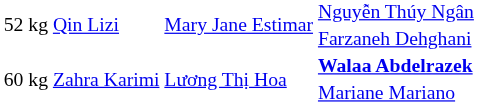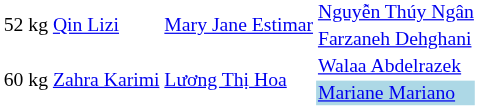 <table>
 <tr>
 <td rowspan=2>52 kg <br></td>
 <td rowspan=2><a href='#'>Qin Lizi</a><br></td>
 <td rowspan=2><a href='#'>Mary Jane Estimar</a><br></td>
 <td><a href='#'>Nguyễn Thúy Ngân</a><br></td>
 </tr>
 <tr>
 <td><a href='#'>Farzaneh Dehghani</a><br></td>
 </tr>
 <tr>
 <td rowspan=2>60 kg <br></td>
 <td rowspan=2><a href='#'>Zahra Karimi</a><br></td>
 <td rowspan=2><a href='#'>Lương Thị Hoa</a><br></td>
-<td><strong><a href='#'>Walaa Abdelrazek</a><br></strong></td>
+<td><a href='#'>Walaa Abdelrazek</a><br></td>
 </tr>
 <tr>
-<td><a href='#'>Mariane Mariano</a><br></td>
+<td style="background: lightblue;"><a href='#'>Mariane Mariano</a><br></td>
 </tr>
 </table>
